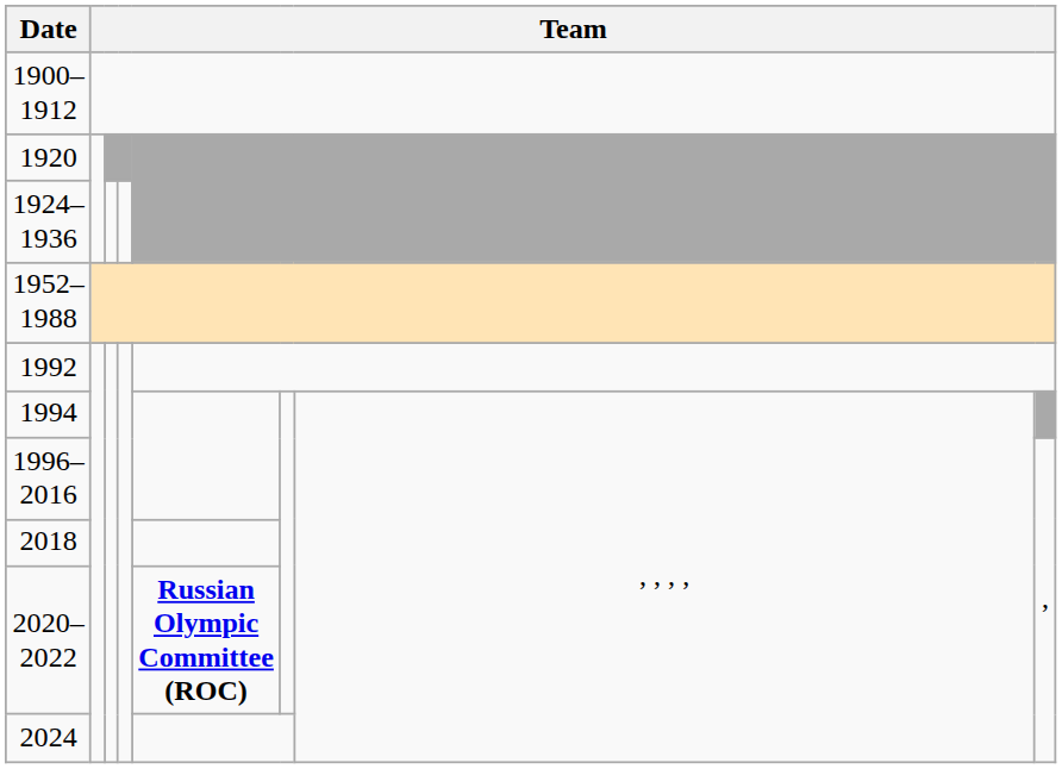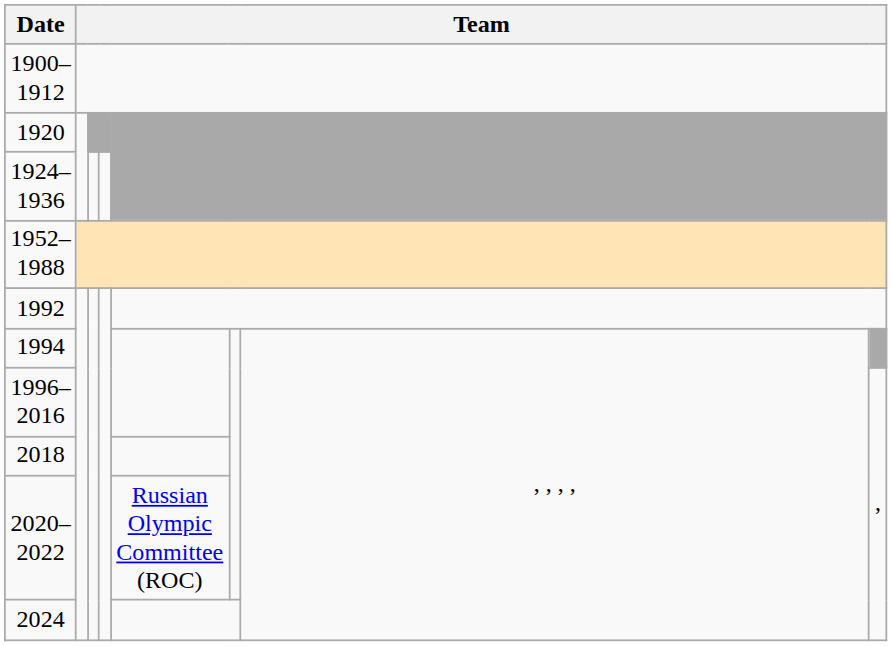 <table class="wikitable" style="text-align:center; font-size:85%; width:80%">
 <tr>
 <th>Date</th>
 <th colspan=7>Team</th>
 </tr>
 <tr>
 <td>1900–1912</td>
 <td colspan=7></td>
 </tr>
 <tr>
 <td>1920</td>
 <td rowspan=2></td>
 <td colspan=2 style="background:darkgray"></td>
 <td colspan=4 rowspan=2 style="background:darkgray"></td>
 </tr>
 <tr>
 <td>1924–1936</td>
 <td></td>
 <td></td>
 </tr>
 <tr>
 <td>1952–1988</td>
 <td colspan=7 style="background:moccasin"><strong></strong></td>
 </tr>
 <tr>
 <td>1992</td>
 <td rowspan=6></td>
 <td rowspan=6></td>
 <td rowspan=6></td>
 <td colspan=4></td>
 </tr>
 <tr>
 <td>1994</td>
 <td rowspan=2></td>
 <td rowspan = 4></td>
 <td rowspan=5 style="width:400px">, , , , </td>
 <td style="background:darkgray"></td>
 </tr>
 <tr>
 <td>1996–2016</td>
 <td rowspan=4>, </td>
 </tr>
 <tr>
 <td>2018</td>
 <td></td>
 </tr>
 <tr>
 <td>2020–2022</td>
-<td><strong> <a href='#'>Russian Olympic Committee</a> (ROC)</strong></td>
+<td> <a href='#'>Russian Olympic Committee</a> (ROC)</td>
 </tr>
 <tr>
 <td>2024</td>
 <td colspan = 2></td>
 </tr>
 </table>
